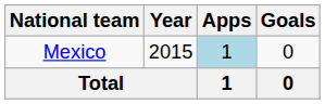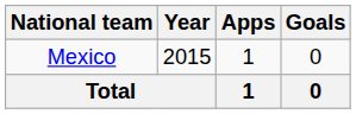 <table class="wikitable" style="text-align: center;">
 <tr>
 <th>National team</th>
 <th>Year</th>
 <th>Apps</th>
 <th>Goals</th>
 </tr>
 <tr>
 <td rowspan="1" valign="center"><a href='#'>Mexico</a></td>
 <td>2015</td>
-<td style="background: lightblue;">1</td>
+<td>1</td>
 <td>0</td>
 </tr>
 <tr>
 <th colspan="2">Total</th>
 <th>1</th>
 <th>0</th>
 </tr>
 </table>
